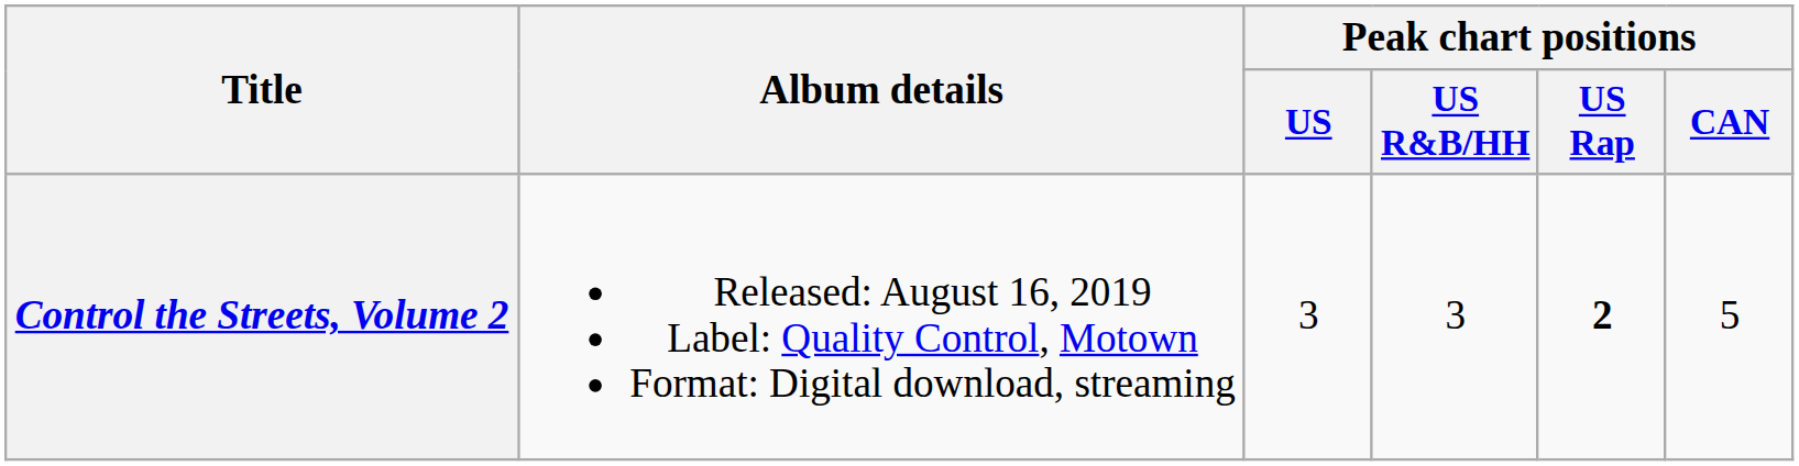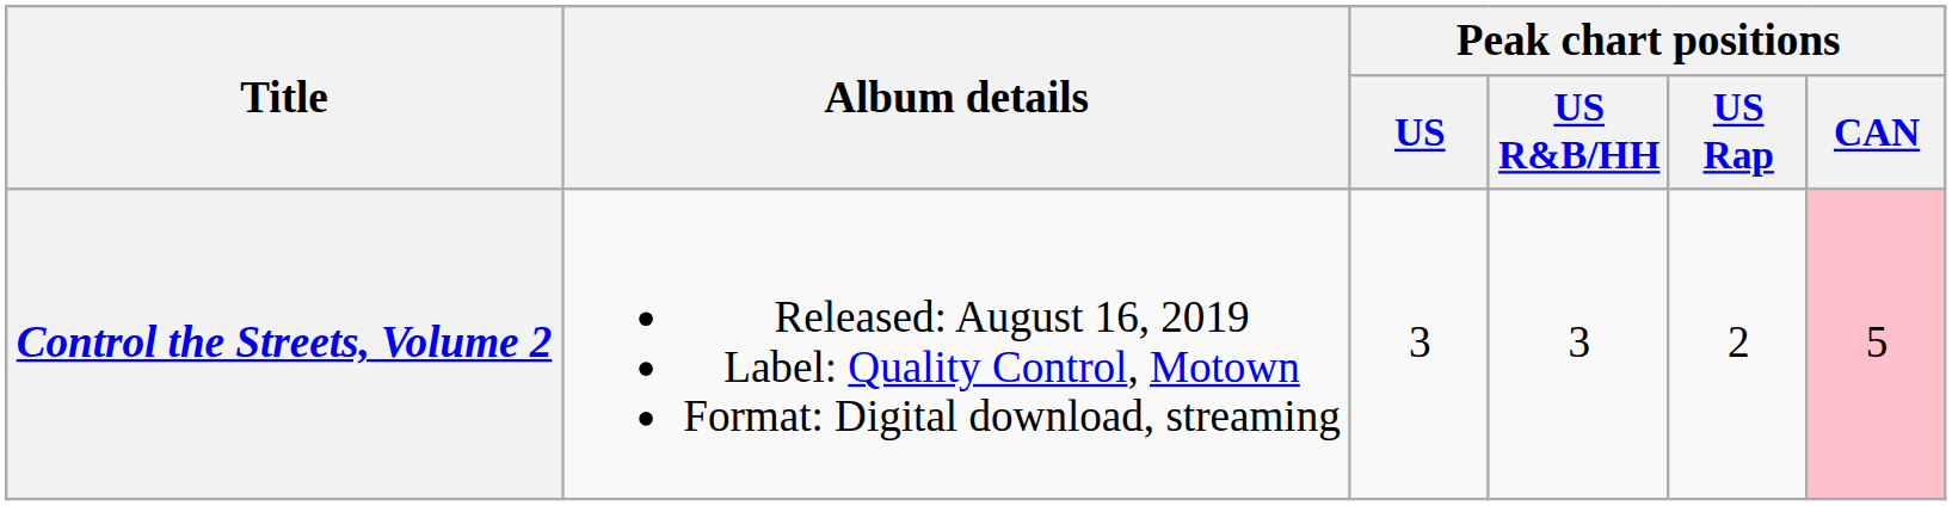 <table class="wikitable plainrowheaders" style="text-align:center;">
 <tr>
 <th rowspan="2">Title</th>
 <th rowspan="2">Album details</th>
 <th colspan="4">Peak chart positions</th>
 </tr>
 <tr>
 <th scope="col" style="width:3em;font-size:90%;"><a href='#'>US</a><br></th>
 <th scope="col" style="width:3em;font-size:90%;"><a href='#'>US</a><br><a href='#'>R&B/HH</a><br></th>
 <th scope="col" style="width:3em;font-size:90%;"><a href='#'>US</a><br><a href='#'>Rap</a><br></th>
 <th scope="col" style="width:3em;font-size:90%;"><a href='#'>CAN</a><br></th>
 </tr>
 <tr>
 <th scope="row"><em><a href='#'>Control the Streets, Volume 2</a></em><br></th>
 <td><br><ul><li>Released: August 16, 2019</li><li>Label: <a href='#'>Quality Control</a>, <a href='#'>Motown</a></li><li>Format: Digital download, streaming</li></ul></td>
 <td>3</td>
 <td>3</td>
-<td><strong>2</strong></td>
-<td>5</td>
+<td>2</td>
+<td style="background: pink;">5</td>
 </tr>
 </table>
